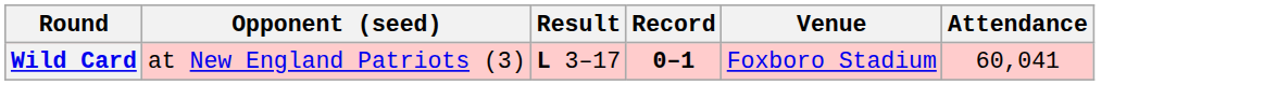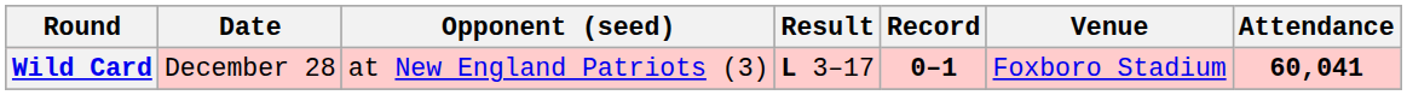 <table class="wikitable" style="text-align:center">
 <tr>
 <th>Round</th>
+<th>Date</th>
 <th>Opponent (seed)</th>
 <th>Result</th>
 <th>Record</th>
 <th>Venue</th>
 <th>Attendance</th>
 </tr>
 <tr style="background:#fcc">
 <th><a href='#'>Wild Card</a></th>
+<td>December 28</td>
 <td>at <a href='#'>New England Patriots</a> (3)</td>
 <td><strong>L</strong> 3–17</td>
 <td><strong>0–1</strong></td>
 <td><a href='#'>Foxboro Stadium</a></td>
-<td>60,041</td>
+<td><strong>60,041</strong></td>
 </tr>
 </table>
